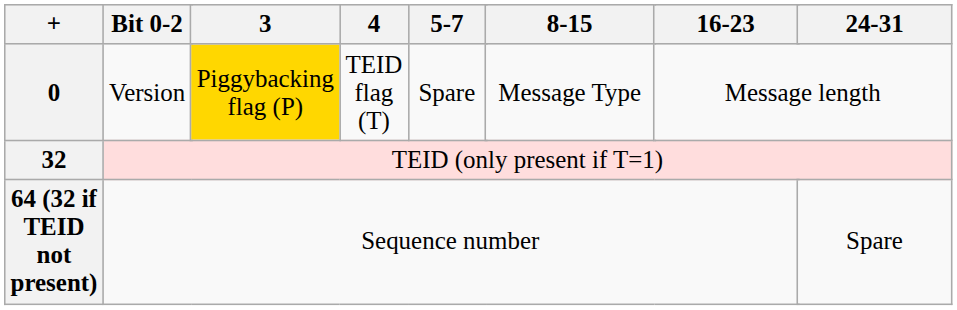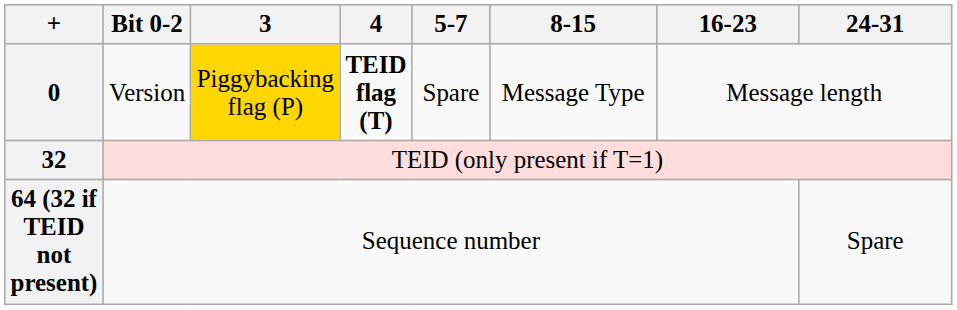 <table class="wikitable" style="text-align:center">
 <tr>
 <th width="4%">+</th>
 <th colspan="3" width="9%">Bit 0-2</th>
 <th colspan="1" width="3%">3</th>
 <th colspan="1" width="3%">4</th>
 <th colspan="3" width="9%">5-7</th>
 <th colspan="8" width="24%">8-15</th>
 <th colspan="8" width="24%">16-23</th>
 <th colspan="8" width="24%">24-31</th>
 </tr>
 <tr>
 <th>0</th>
 <td colspan="3">Version</td>
 <td colspan="1" style="background: gold;">Piggybacking flag (P)</td>
-<td colspan="1">TEID flag (T)</td>
+<td colspan="1"><strong>TEID flag (T)</strong></td>
 <td colspan="3">Spare</td>
 <td colspan="8">Message Type</td>
 <td colspan="16">Message length</td>
 </tr>
 <tr>
 <th>32</th>
 <td colspan="32" bgcolor="#FFDDDD">TEID (only present if T=1)</td>
 </tr>
 <tr>
 <th>64 (32 if TEID not present)</th>
 <td colspan="24">Sequence number</td>
 <td colspan="8">Spare</td>
 </tr>
 </table>
